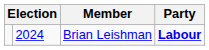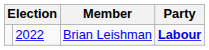 <table class="wikitable">
 <tr>
 <th colspan="2">Election</th>
 <th>Member</th>
 <th>Party</th>
 </tr>
 <tr>
 <td style="color:inherit;background-color: "></td>
-<td><a href='#'>2024</a></td>
+<td><a href='#'>2022</a></td>
 <td><a href='#'>Brian Leishman</a></td>
 <td><strong><a href='#'>Labour</a></strong></td>
 </tr>
 </table>
